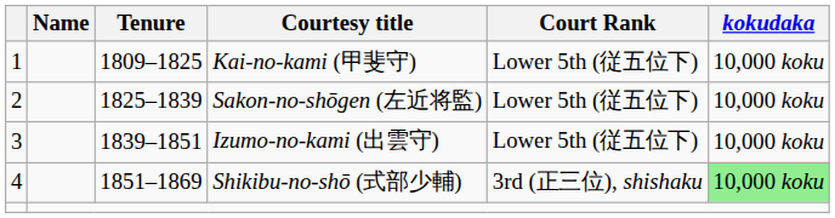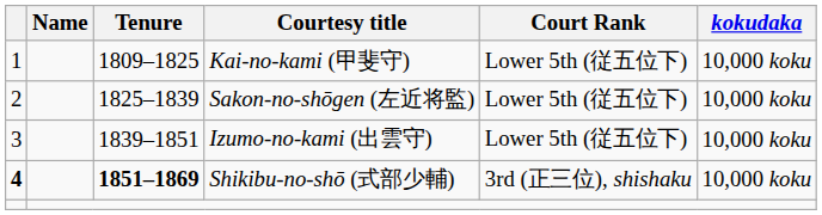 <table class=wikitable>
 <tr>
 <th></th>
 <th>Name</th>
 <th>Tenure</th>
 <th>Courtesy title</th>
 <th>Court Rank</th>
 <th><em><a href='#'>kokudaka</a></em></th>
 </tr>
 <tr>
 <td>1</td>
 <td></td>
 <td>1809–1825</td>
 <td><em>Kai-no-kami</em> (甲斐守)</td>
 <td>Lower 5th (従五位下)</td>
 <td>10,000 <em>koku</em></td>
 </tr>
 <tr>
 <td>2</td>
 <td></td>
 <td>1825–1839</td>
 <td><em>Sakon-no-shōgen</em> (左近将監)</td>
 <td>Lower 5th (従五位下)</td>
 <td>10,000 <em>koku</em></td>
 </tr>
 <tr>
 <td>3</td>
 <td></td>
 <td>1839–1851</td>
 <td><em>Izumo-no-kami</em> (出雲守)</td>
 <td>Lower 5th (従五位下)</td>
 <td>10,000 <em>koku</em></td>
 </tr>
 <tr>
-<td>4</td>
+<td><strong>4</strong></td>
 <td></td>
-<td>1851–1869</td>
+<td><strong>1851–1869</strong></td>
 <td><em>Shikibu-no-shō</em> (式部少輔)</td>
 <td>3rd (正三位), <em>shishaku</em></td>
-<td style="background: lightgreen;">10,000 <em>koku</em></td>
+<td>10,000 <em>koku</em></td>
 </tr>
 <tr>
 <td></td>
 </tr>
 </table>
